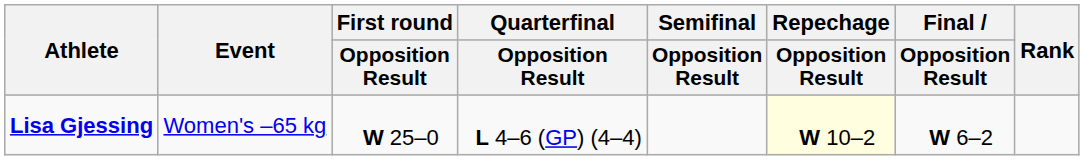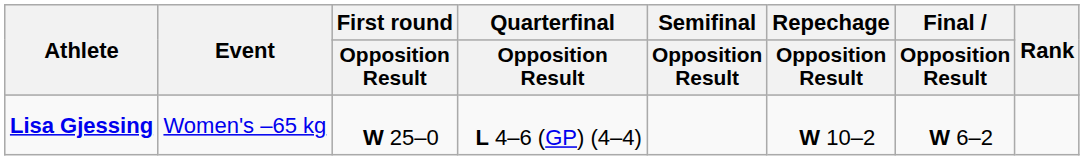 <table class="wikitable" style="font-size:90%;">
 <tr>
 <th rowspan=2>Athlete</th>
 <th rowspan=2>Event</th>
 <th>First round</th>
 <th>Quarterfinal</th>
 <th>Semifinal</th>
 <th>Repechage</th>
 <th>Final / </th>
 <th rowspan="2">Rank</th>
 </tr>
 <tr style="font-size:95%">
 <th>Opposition<br>Result</th>
 <th>Opposition<br>Result</th>
 <th>Opposition<br>Result</th>
 <th>Opposition<br>Result</th>
 <th>Opposition<br>Result</th>
 </tr>
 <tr align=center>
 <td align=left><strong><a href='#'>Lisa Gjessing</a></strong></td>
 <td align=left><a href='#'>Women's –65 kg</a></td>
 <td><br>  <strong>W</strong> 25–0</td>
 <td><br>  <strong>L</strong> 4–6 (<a href='#'>GP</a>) (4–4)</td>
 <td></td>
-<td style="background: lightyellow;"><br>  <strong>W</strong> 10–2</td>
+<td><br>  <strong>W</strong> 10–2</td>
 <td><br>  <strong>W</strong> 6–2</td>
 <td></td>
 </tr>
 </table>
